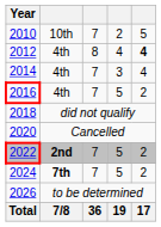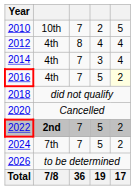 <table class="wikitable" style="text-align: center;">
 <tr>
 <th>Year</th>
 <th width="50"></th>
 <th width=25></th>
 <th width=25></th>
 <th width=25></th>
 </tr>
 <tr>
 <td> <a href='#'>2010</a></td>
 <td>10th</td>
 <td>7</td>
 <td>2</td>
 <td>5</td>
 </tr>
 <tr>
 <td> <a href='#'>2012</a></td>
 <td>4th</td>
 <td>8</td>
 <td>4</td>
-<td><strong>4</strong></td>
+<td>4</td>
 </tr>
 <tr>
 <td> <a href='#'>2014</a></td>
 <td>4th</td>
 <td>7</td>
 <td>3</td>
 <td>4</td>
 </tr>
 <tr>
 <td style="border: 3px solid red"> <a href='#'>2016</a></td>
 <td>4th</td>
 <td>7</td>
 <td>5</td>
-<td>2</td>
+<td style="background: lightyellow;">2</td>
 </tr>
 <tr>
 <td> <a href='#'>2018</a></td>
 <td colspan="4"><em>did not qualify</em></td>
 </tr>
 <tr>
 <td> <a href='#'>2020</a></td>
 <td colspan="4"><em>Cancelled</em></td>
 </tr>
 <tr bgcolor=silver>
 <td style="border: 3px solid red"> <a href='#'>2022</a></td>
 <td><strong>2nd</strong></td>
 <td>7</td>
 <td>5</td>
 <td>2</td>
 </tr>
 <tr>
 <td> <a href='#'>2024</a></td>
-<td><strong>7th</strong></td>
+<td>7th</td>
 <td>7</td>
 <td>5</td>
 <td>2</td>
 </tr>
 <tr>
 <td> <a href='#'>2026</a></td>
 <td colspan="4"><em>to be determined</em></td>
 </tr>
 <tr>
 <th>Total</th>
 <th>7/8</th>
 <th>36</th>
 <th>19</th>
 <th>17</th>
 </tr>
 </table>
